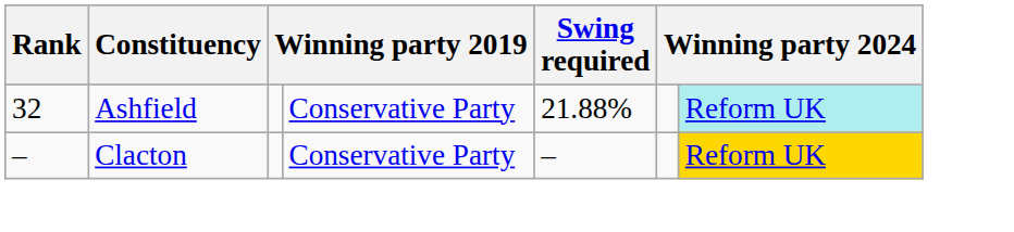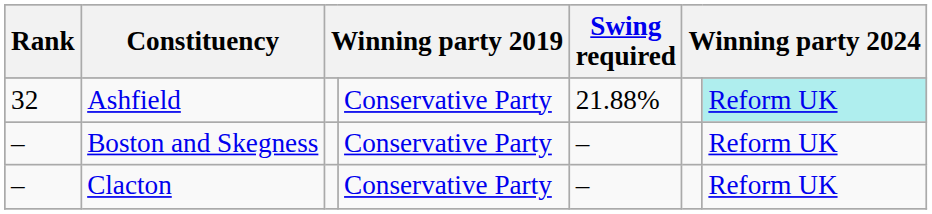 <table class="wikitable sortable">
 <tr>
 <th>Rank</th>
 <th>Constituency</th>
 <th colspan="2">Winning party 2019</th>
 <th><a href='#'>Swing</a> <br>required</th>
 <th colspan="2">Winning party 2024</th>
 </tr>
 <tr>
 <td>32</td>
 <td><a href='#'>Ashfield</a></td>
 <td class="unsortable" style="background-color: "></td>
 <td><a href='#'>Conservative Party</a></td>
 <td>21.88%</td>
 <td class="unsortable" style="background-color: "></td>
 <td style="background: paleturquoise;"><a href='#'>Reform UK</a></td>
 </tr>
 <tr>
 <td>–</td>
+<td><a href='#'>Boston and Skegness</a></td>
+<td class="unsortable" style="background-color: "></td>
+<td><a href='#'>Conservative Party</a></td>
+<td>–</td>
+<td class="unsortable" style="background-color: "></td>
+<td><a href='#'>Reform UK</a></td>
+</tr>
+<tr>
+<td>–</td>
 <td><a href='#'>Clacton</a></td>
 <td class="unsortable" style="background-color: "></td>
 <td><a href='#'>Conservative Party</a></td>
 <td>–</td>
 <td class="unsortable" style="background-color: "></td>
-<td style="background: gold;"><a href='#'>Reform UK</a></td>
+<td><a href='#'>Reform UK</a></td>
 </tr>
 </table>
